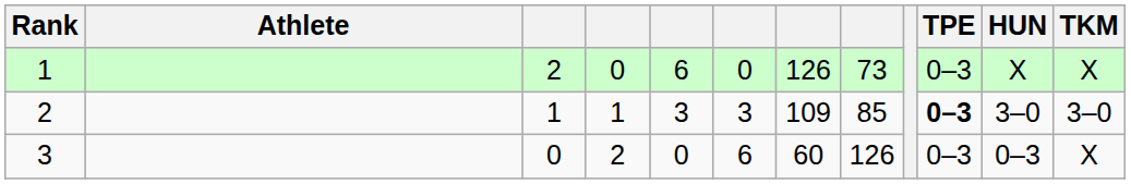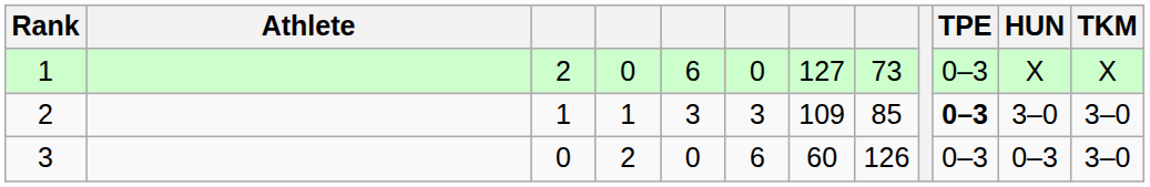 <table class="wikitable" style="text-align:center">
 <tr>
 <th>Rank</th>
 <th width=250>Athlete</th>
 <th width=30></th>
 <th width=30></th>
 <th width=30></th>
 <th width=30></th>
 <th width=30></th>
 <th width=30></th>
 <th rowspan=4></th>
 <th width=30>TPE</th>
 <th width=30>HUN</th>
 <th width=30>TKM</th>
 </tr>
 <tr style="background-color:#ccffcc;">
 <td>1</td>
 <td align=left></td>
 <td>2</td>
 <td>0</td>
 <td>6</td>
 <td>0</td>
-<td>126</td>
+<td>127</td>
 <td>73</td>
 <td>0–3</td>
 <td>X</td>
 <td>X</td>
 </tr>
 <tr>
 <td>2</td>
 <td align=left></td>
 <td>1</td>
 <td>1</td>
 <td>3</td>
 <td>3</td>
 <td>109</td>
 <td>85</td>
 <td><strong>0–3</strong></td>
 <td>3–0</td>
 <td>3–0</td>
 </tr>
 <tr>
 <td>3</td>
 <td align=left></td>
 <td>0</td>
 <td>2</td>
 <td>0</td>
 <td>6</td>
 <td>60</td>
 <td>126</td>
 <td>0–3</td>
 <td>0–3</td>
-<td>X</td>
+<td>3–0</td>
 </tr>
 </table>
